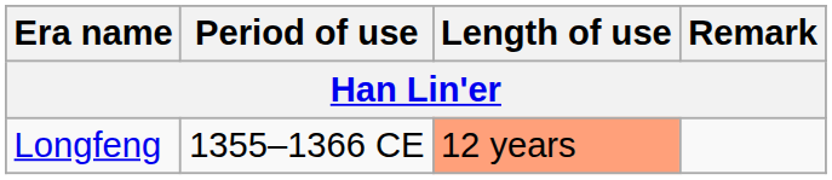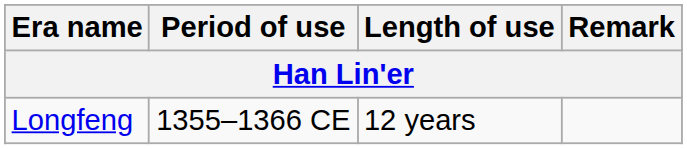 <table class="wikitable">
 <tr>
 <th>Era name</th>
 <th>Period of use</th>
 <th>Length of use</th>
 <th>Remark</th>
 </tr>
 <tr>
 <th colspan="4"><a href='#'>Han Lin'er</a><br></th>
 </tr>
 <tr>
 <td><a href='#'>Longfeng</a><br></td>
 <td>1355–1366 CE</td>
-<td style="background: lightsalmon;">12 years</td>
+<td>12 years</td>
 <td></td>
 </tr>
 </table>
